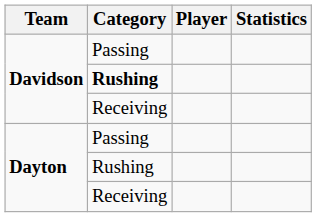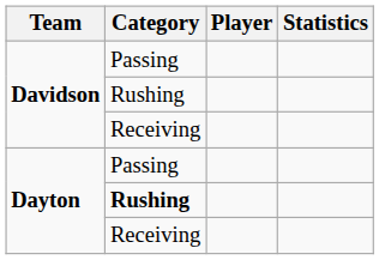 <table class="wikitable" style="float: right;">
 <tr>
 <th>Team</th>
 <th>Category</th>
 <th>Player</th>
 <th>Statistics</th>
 </tr>
 <tr>
 <td rowspan=3><strong>Davidson</strong></td>
 <td>Passing</td>
 <td></td>
 <td></td>
 </tr>
 <tr>
-<td><strong>Rushing</strong></td>
+<td>Rushing</td>
 <td></td>
 <td></td>
 </tr>
 <tr>
 <td>Receiving</td>
 <td></td>
 <td></td>
 </tr>
 <tr>
 <td rowspan=3><strong>Dayton</strong></td>
 <td>Passing</td>
 <td></td>
 <td></td>
 </tr>
 <tr>
-<td>Rushing</td>
+<td><strong>Rushing</strong></td>
 <td></td>
 <td></td>
 </tr>
 <tr>
 <td>Receiving</td>
 <td></td>
 <td></td>
 </tr>
 </table>
